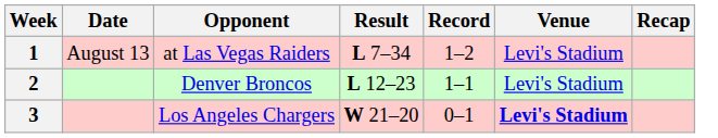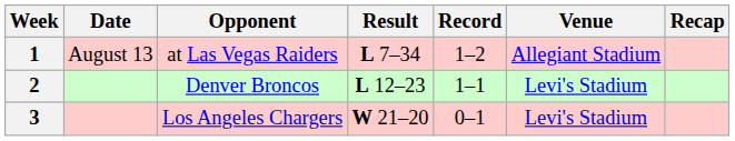 <table class="wikitable" style="text-align:center">
 <tr>
 <th>Week</th>
 <th>Date</th>
 <th>Opponent</th>
 <th>Result</th>
 <th>Record</th>
 <th>Venue</th>
 <th>Recap</th>
 </tr>
 <tr style="background:#fcc">
 <th>1</th>
 <td>August 13</td>
 <td>at <a href='#'>Las Vegas Raiders</a></td>
 <td><strong>L</strong> 7–34</td>
 <td>1–2</td>
-<td><a href='#'>Levi's Stadium</a></td>
+<td><a href='#'>Allegiant Stadium</a></td>
 <td></td>
 </tr>
 <tr style="background:#cfc">
 <th>2</th>
 <td></td>
 <td><a href='#'>Denver Broncos</a></td>
 <td><strong>L</strong> 12–23</td>
 <td>1–1</td>
 <td><a href='#'>Levi's Stadium</a></td>
 <td></td>
 </tr>
 <tr style="background:#fcc">
 <th>3</th>
 <td></td>
 <td><a href='#'>Los Angeles Chargers</a></td>
 <td><strong>W</strong> 21–20</td>
 <td>0–1</td>
-<td><strong><a href='#'>Levi's Stadium</a></strong></td>
+<td><a href='#'>Levi's Stadium</a></td>
 <td></td>
 </tr>
 </table>
